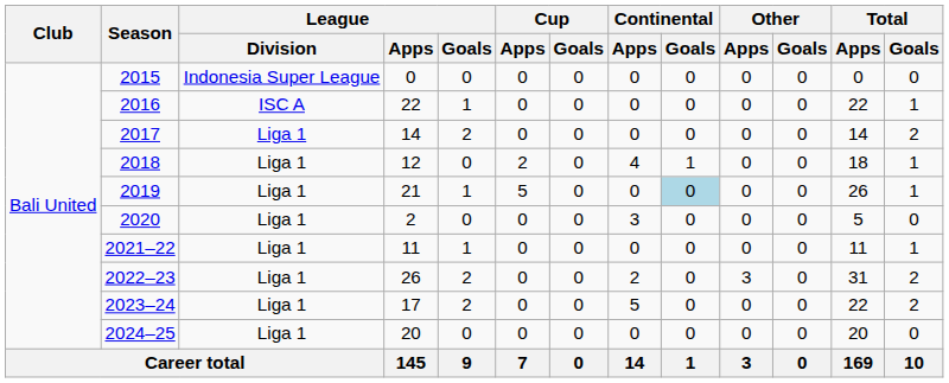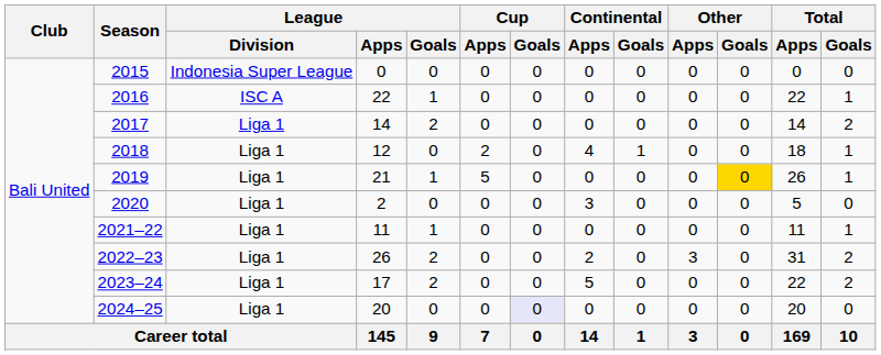 <table class="wikitable" style="text-align:center">
 <tr>
 <th rowspan="2">Club</th>
 <th rowspan="2">Season</th>
 <th colspan="3">League</th>
 <th colspan="2">Cup</th>
 <th colspan="2">Continental</th>
 <th colspan="2">Other</th>
 <th colspan="2">Total</th>
 </tr>
 <tr>
 <th>Division</th>
 <th>Apps</th>
 <th>Goals</th>
 <th>Apps</th>
 <th>Goals</th>
 <th>Apps</th>
 <th>Goals</th>
 <th>Apps</th>
 <th>Goals</th>
 <th>Apps</th>
 <th>Goals</th>
 </tr>
 <tr>
 <td rowspan="10" valign="center"><a href='#'>Bali United</a></td>
 <td><a href='#'>2015</a></td>
 <td><a href='#'>Indonesia Super League</a></td>
 <td>0</td>
 <td>0</td>
 <td>0</td>
 <td>0</td>
 <td>0</td>
 <td>0</td>
 <td>0</td>
 <td>0</td>
 <td>0</td>
 <td>0</td>
 </tr>
 <tr>
 <td><a href='#'>2016</a></td>
 <td><a href='#'>ISC A</a></td>
 <td>22</td>
 <td>1</td>
 <td>0</td>
 <td>0</td>
 <td>0</td>
 <td>0</td>
 <td>0</td>
 <td>0</td>
 <td>22</td>
 <td>1</td>
 </tr>
 <tr>
 <td><a href='#'>2017</a></td>
 <td rowspan="1" valign="center"><a href='#'>Liga 1</a></td>
 <td>14</td>
 <td>2</td>
 <td>0</td>
 <td>0</td>
 <td>0</td>
 <td>0</td>
 <td>0</td>
 <td>0</td>
 <td>14</td>
 <td>2</td>
 </tr>
 <tr>
 <td><a href='#'>2018</a></td>
 <td rowspan="1" valign="center">Liga 1</td>
 <td>12</td>
 <td>0</td>
 <td>2</td>
 <td>0</td>
 <td>4</td>
 <td>1</td>
 <td>0</td>
 <td>0</td>
 <td>18</td>
 <td>1</td>
 </tr>
 <tr>
 <td><a href='#'>2019</a></td>
 <td rowspan="1" valign="center">Liga 1</td>
 <td>21</td>
 <td>1</td>
 <td>5</td>
 <td>0</td>
 <td>0</td>
-<td style="background: lightblue;">0</td>
 <td>0</td>
 <td>0</td>
+<td style="background: gold;">0</td>
 <td>26</td>
 <td>1</td>
 </tr>
 <tr>
 <td><a href='#'>2020</a></td>
 <td rowspan="1" valign="center">Liga 1</td>
 <td>2</td>
 <td>0</td>
 <td>0</td>
 <td>0</td>
 <td>3</td>
 <td>0</td>
 <td>0</td>
 <td>0</td>
 <td>5</td>
 <td>0</td>
 </tr>
 <tr>
 <td><a href='#'>2021–22</a></td>
 <td rowspan="1" valign="center">Liga 1</td>
 <td>11</td>
 <td>1</td>
 <td>0</td>
 <td>0</td>
 <td>0</td>
 <td>0</td>
 <td>0</td>
 <td>0</td>
 <td>11</td>
 <td>1</td>
 </tr>
 <tr>
 <td><a href='#'>2022–23</a></td>
 <td rowspan="1" valign="center">Liga 1</td>
 <td>26</td>
 <td>2</td>
 <td>0</td>
 <td>0</td>
 <td>2</td>
 <td>0</td>
 <td>3</td>
 <td>0</td>
 <td>31</td>
 <td>2</td>
 </tr>
 <tr>
 <td><a href='#'>2023–24</a></td>
 <td>Liga 1</td>
 <td>17</td>
 <td>2</td>
 <td>0</td>
 <td>0</td>
 <td>5</td>
 <td>0</td>
 <td>0</td>
 <td>0</td>
 <td>22</td>
 <td>2</td>
 </tr>
 <tr>
 <td><a href='#'>2024–25</a></td>
 <td>Liga 1</td>
 <td>20</td>
 <td>0</td>
 <td>0</td>
-<td>0</td>
+<td style="background: lavender;">0</td>
 <td>0</td>
 <td>0</td>
 <td>0</td>
 <td>0</td>
 <td>20</td>
 <td>0</td>
 </tr>
 <tr>
 <th colspan="3">Career total</th>
 <th>145</th>
 <th>9</th>
 <th>7</th>
 <th>0</th>
 <th>14</th>
 <th>1</th>
 <th>3</th>
 <th>0</th>
 <th>169</th>
 <th>10</th>
 </tr>
 </table>
